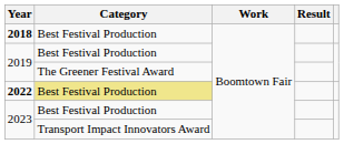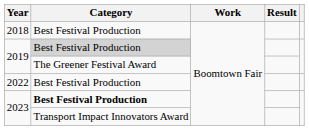 <table class="wikitable">
 <tr>
 <th>Year</th>
 <th>Category</th>
 <th>Work</th>
 <th>Result</th>
 <th></th>
 </tr>
 <tr>
-<td><strong>2018</strong></td>
+<td>2018</td>
 <td>Best Festival Production</td>
 <td rowspan="6">Boomtown Fair</td>
 <td></td>
 <td></td>
 </tr>
 <tr>
 <td rowspan="2">2019</td>
-<td>Best Festival Production</td>
+<td style="background: lightgrey;">Best Festival Production</td>
 <td></td>
 <td rowspan="2"></td>
 </tr>
 <tr>
 <td>The Greener Festival Award</td>
 <td></td>
 </tr>
 <tr>
-<td><strong>2022</strong></td>
-<td style="background: khaki;">Best Festival Production</td>
+<td>2022</td>
+<td>Best Festival Production</td>
 <td></td>
 <td></td>
 </tr>
 <tr>
 <td rowspan="2">2023</td>
-<td>Best Festival Production</td>
+<td><strong>Best Festival Production</strong></td>
 <td></td>
 <td rowspan="2"></td>
 </tr>
 <tr>
 <td>Transport Impact Innovators Award</td>
 <td></td>
 </tr>
 </table>
